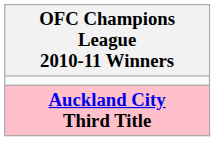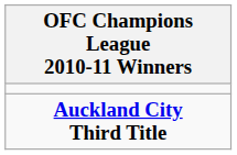 <table class="wikitable" style="text-align: center; margin: 0 auto; width: 20%">
 <tr>
 <th>OFC Champions League<br>2010-11 Winners</th>
 </tr>
 <tr>
 <td></td>
 </tr>
 <tr>
-<td style="background: pink;"><strong><a href='#'>Auckland City</a></strong><br><strong>Third Title</strong></td>
+<td><strong><a href='#'>Auckland City</a></strong><br><strong>Third Title</strong></td>
 </tr>
 </table>
